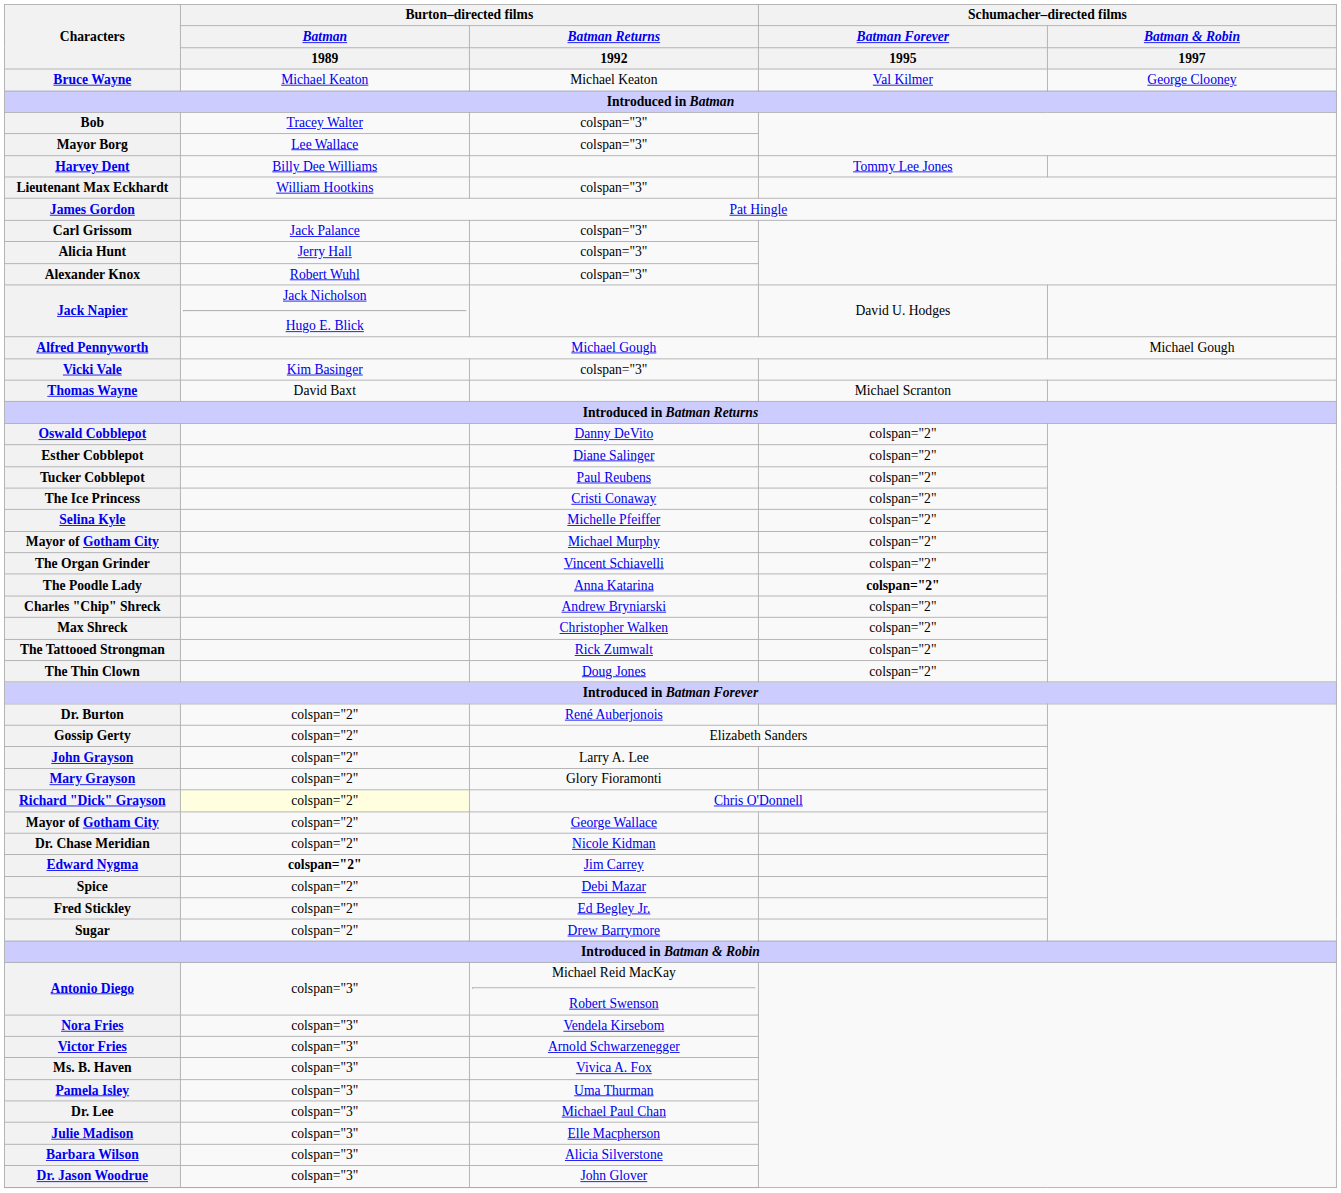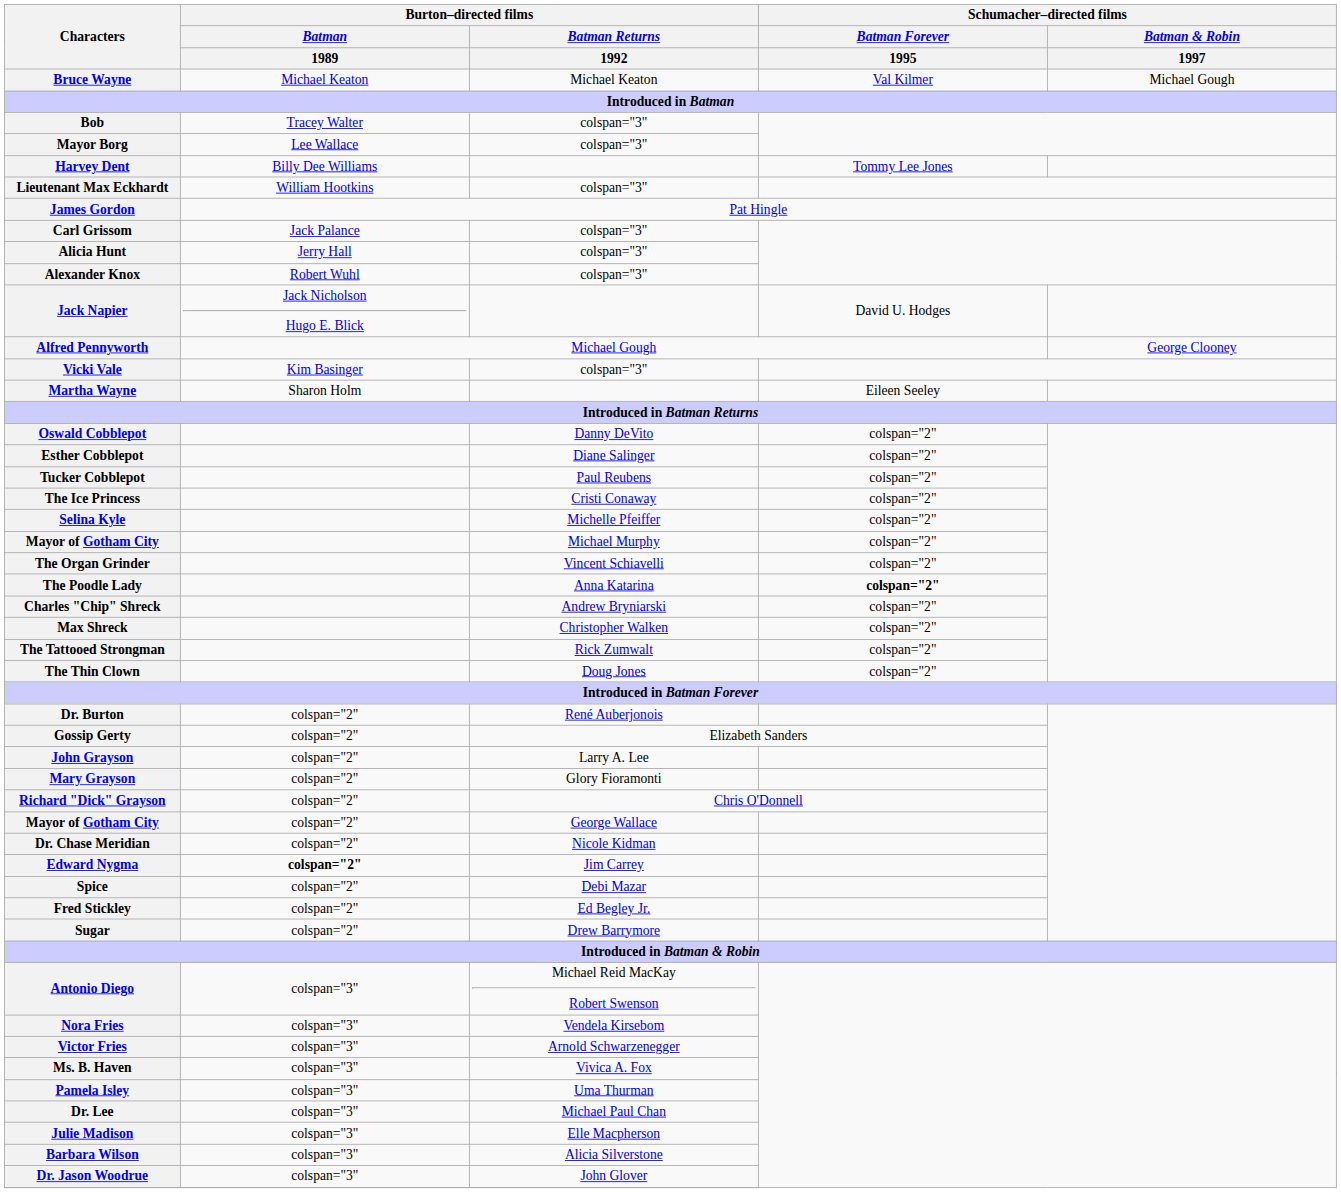 <table class="wikitable" style="text-align:center; width:99%">
 <tr>
 <th rowspan="3" style="width:7.3%;">Characters</th>
 <th colspan="2" style="text-align:center;">Burton–directed films</th>
 <th colspan="2" style="text-align:center;">Schumacher–directed films</th>
 </tr>
 <tr>
 <th style="text-align:center; width:12%;"><em><a href='#'>Batman</a></em></th>
 <th style="text-align:center; width:12%;"><em><a href='#'>Batman Returns</a></em></th>
 <th style="text-align:center; width:12%;"><em><a href='#'>Batman Forever</a></em></th>
 <th style="text-align:center; width:12%;"><em><a href='#'>Batman & Robin</a></em></th>
 </tr>
 <tr>
 <th>1989</th>
 <th>1992</th>
 <th>1995</th>
 <th>1997</th>
 </tr>
 <tr>
 <th><a href='#'>Bruce Wayne<br></a></th>
 <td><a href='#'>Michael Keaton</a><br></td>
 <td>Michael Keaton</td>
 <td><a href='#'>Val Kilmer</a><br></td>
-<td><a href='#'>George Clooney</a><br></td>
+<td>Michael Gough<br></td>
 </tr>
 <tr>
 <th colspan="5" style="background:#ccf;">Introduced in <em>Batman</em></th>
 </tr>
 <tr>
 <th>Bob</th>
 <td><a href='#'>Tracey Walter</a></td>
 <td>colspan="3" </td>
 </tr>
 <tr>
 <th>Mayor Borg</th>
 <td><a href='#'>Lee Wallace</a></td>
 <td>colspan="3" </td>
 </tr>
 <tr>
 <th><a href='#'>Harvey Dent<br></a></th>
 <td><a href='#'>Billy Dee Williams</a></td>
 <td></td>
 <td><a href='#'>Tommy Lee Jones</a></td>
 <td></td>
 </tr>
 <tr>
 <th>Lieutenant Max Eckhardt</th>
 <td><a href='#'>William Hootkins</a></td>
 <td>colspan="3" </td>
 </tr>
 <tr>
 <th><a href='#'>James Gordon</a></th>
 <td colspan="4"><a href='#'>Pat Hingle</a></td>
 </tr>
 <tr>
 <th>Carl Grissom</th>
 <td><a href='#'>Jack Palance</a></td>
 <td>colspan="3" </td>
 </tr>
 <tr>
 <th>Alicia Hunt</th>
 <td><a href='#'>Jerry Hall</a></td>
 <td>colspan="3" </td>
 </tr>
 <tr>
 <th>Alexander Knox</th>
 <td><a href='#'>Robert Wuhl</a></td>
 <td>colspan="3" </td>
 </tr>
 <tr>
 <th><a href='#'>Jack Napier<br></a></th>
 <td><a href='#'>Jack Nicholson</a><hr><a href='#'>Hugo E. Blick</a></td>
 <td></td>
 <td>David U. Hodges</td>
 <td></td>
 </tr>
 <tr>
 <th><a href='#'>Alfred Pennyworth</a></th>
 <td colspan="3"><a href='#'>Michael Gough</a></td>
-<td>Michael Gough<br></td>
+<td><a href='#'>George Clooney</a><br></td>
 </tr>
 <tr>
 <th><a href='#'>Vicki Vale</a></th>
 <td><a href='#'>Kim Basinger</a></td>
 <td>colspan="3" </td>
 </tr>
 <tr>
-<th><a href='#'>Thomas Wayne</a></th>
-<td>David Baxt</td>
+<th><a href='#'>Martha Wayne</a></th>
+<td>Sharon Holm</td>
 <td></td>
-<td>Michael Scranton</td>
+<td>Eileen Seeley</td>
 <td></td>
 </tr>
 <tr>
 <th colspan="5" style="background:#ccf;">Introduced in <em>Batman Returns</em></th>
 </tr>
 <tr>
 <th><a href='#'>Oswald Cobblepot<br></a></th>
 <td></td>
 <td><a href='#'>Danny DeVito</a></td>
 <td>colspan="2" </td>
 </tr>
 <tr>
 <th>Esther Cobblepot</th>
 <td></td>
 <td><a href='#'>Diane Salinger</a></td>
 <td>colspan="2" </td>
 </tr>
 <tr>
 <th>Tucker Cobblepot</th>
 <td></td>
 <td><a href='#'>Paul Reubens</a></td>
 <td>colspan="2" </td>
 </tr>
 <tr>
 <th>The Ice Princess</th>
 <td></td>
 <td><a href='#'>Cristi Conaway</a></td>
 <td>colspan="2" </td>
 </tr>
 <tr>
 <th><a href='#'>Selina Kyle<br></a></th>
 <td></td>
 <td><a href='#'>Michelle Pfeiffer</a></td>
 <td>colspan="2" </td>
 </tr>
 <tr>
 <th>Mayor of <a href='#'>Gotham City</a></th>
 <td></td>
 <td><a href='#'>Michael Murphy</a></td>
 <td>colspan="2" </td>
 </tr>
 <tr>
 <th>The Organ Grinder</th>
 <td></td>
 <td><a href='#'>Vincent Schiavelli</a></td>
 <td>colspan="2" </td>
 </tr>
 <tr>
 <th>The Poodle Lady</th>
 <td></td>
 <td><a href='#'>Anna Katarina</a></td>
 <td><strong>colspan="2" </strong></td>
 </tr>
 <tr>
 <th>Charles "Chip" Shreck</th>
 <td></td>
 <td><a href='#'>Andrew Bryniarski</a></td>
 <td>colspan="2" </td>
 </tr>
 <tr>
 <th>Max Shreck</th>
 <td></td>
 <td><a href='#'>Christopher Walken</a></td>
 <td>colspan="2" </td>
 </tr>
 <tr>
 <th>The Tattooed Strongman</th>
 <td></td>
 <td><a href='#'>Rick Zumwalt</a></td>
 <td>colspan="2" </td>
 </tr>
 <tr>
 <th>The Thin Clown</th>
 <td></td>
 <td><a href='#'>Doug Jones</a></td>
 <td>colspan="2" </td>
 </tr>
 <tr>
 <th colspan="5" style="background:#ccf;">Introduced in <em>Batman Forever</em></th>
 </tr>
 <tr>
 <th>Dr. Burton</th>
 <td>colspan="2" </td>
 <td><a href='#'>René Auberjonois</a></td>
 <td></td>
 </tr>
 <tr>
 <th>Gossip Gerty</th>
 <td>colspan="2" </td>
 <td colspan="2">Elizabeth Sanders</td>
 </tr>
 <tr>
 <th><a href='#'>John Grayson</a></th>
 <td>colspan="2" </td>
 <td>Larry A. Lee</td>
 <td></td>
 </tr>
 <tr>
 <th><a href='#'>Mary Grayson</a></th>
 <td>colspan="2" </td>
 <td>Glory Fioramonti</td>
 <td></td>
 </tr>
 <tr>
 <th><a href='#'>Richard "Dick" Grayson<br></a></th>
-<td style="background: lightyellow;">colspan="2" </td>
+<td>colspan="2" </td>
 <td colspan="2"><a href='#'>Chris O'Donnell</a></td>
 </tr>
 <tr>
 <th>Mayor of <a href='#'>Gotham City</a></th>
 <td>colspan="2" </td>
 <td><a href='#'>George Wallace</a></td>
 <td></td>
 </tr>
 <tr>
 <th>Dr. Chase Meridian</th>
 <td>colspan="2" </td>
 <td><a href='#'>Nicole Kidman</a></td>
 <td></td>
 </tr>
 <tr>
 <th><a href='#'>Edward Nygma<br></a></th>
 <td><strong>colspan="2" </strong></td>
 <td><a href='#'>Jim Carrey</a></td>
 <td></td>
 </tr>
 <tr>
 <th>Spice</th>
 <td>colspan="2" </td>
 <td><a href='#'>Debi Mazar</a></td>
 <td></td>
 </tr>
 <tr>
 <th>Fred Stickley</th>
 <td>colspan="2" </td>
 <td><a href='#'>Ed Begley Jr.</a></td>
 <td></td>
 </tr>
 <tr>
 <th>Sugar</th>
 <td>colspan="2" </td>
 <td><a href='#'>Drew Barrymore</a></td>
 <td></td>
 </tr>
 <tr>
 <th colspan="5" style="background:#ccf;">Introduced in <em>Batman & Robin</em></th>
 </tr>
 <tr>
 <th><a href='#'>Antonio Diego<br></a></th>
 <td>colspan="3" </td>
 <td>Michael Reid MacKay<hr><a href='#'>Robert Swenson</a></td>
 </tr>
 <tr>
 <th><a href='#'>Nora Fries</a></th>
 <td>colspan="3" </td>
 <td><a href='#'>Vendela Kirsebom</a></td>
 </tr>
 <tr>
 <th><a href='#'>Victor Fries<br></a></th>
 <td>colspan="3" </td>
 <td><a href='#'>Arnold Schwarzenegger</a></td>
 </tr>
 <tr>
 <th>Ms. B. Haven</th>
 <td>colspan="3" </td>
 <td><a href='#'>Vivica A. Fox</a></td>
 </tr>
 <tr>
 <th><a href='#'>Pamela Isley<br></a></th>
 <td>colspan="3" </td>
 <td><a href='#'>Uma Thurman</a></td>
 </tr>
 <tr>
 <th>Dr. Lee</th>
 <td>colspan="3" </td>
 <td><a href='#'>Michael Paul Chan</a></td>
 </tr>
 <tr>
 <th><a href='#'>Julie Madison</a></th>
 <td>colspan="3" </td>
 <td><a href='#'>Elle Macpherson</a></td>
 </tr>
 <tr>
 <th><a href='#'>Barbara Wilson<br></a></th>
 <td>colspan="3" </td>
 <td><a href='#'>Alicia Silverstone</a></td>
 </tr>
 <tr>
 <th><a href='#'>Dr. Jason Woodrue</a></th>
 <td>colspan="3" </td>
 <td><a href='#'>John Glover</a></td>
 </tr>
 <tr>
 </tr>
 </table>
